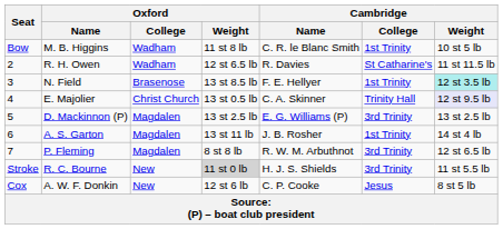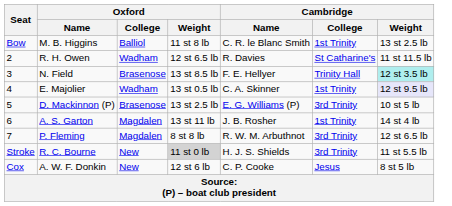 <table class="wikitable">
 <tr>
 <th rowspan="2" scope="col">Seat</th>
 <th colspan="3" scope="col">Oxford <br> </th>
 <th colspan="3" scope="col">Cambridge <br> </th>
 </tr>
 <tr>
 <th>Name</th>
 <th>College</th>
 <th>Weight</th>
 <th>Name</th>
 <th>College</th>
 <th>Weight</th>
 </tr>
 <tr>
 <td><a href='#'>Bow</a></td>
 <td>M. B. Higgins</td>
-<td><a href='#'>Wadham</a></td>
+<td><a href='#'>Balliol</a></td>
 <td>11 st 8 lb</td>
 <td>C. R. le Blanc Smith</td>
 <td><a href='#'>1st Trinity</a></td>
-<td>10 st 5 lb</td>
+<td>13 st 2.5 lb</td>
 </tr>
 <tr>
 <td>2</td>
 <td>R. H. Owen</td>
 <td><a href='#'>Wadham</a></td>
 <td>12 st 6.5 lb</td>
 <td>R. Davies</td>
 <td><a href='#'>St Catharine's</a></td>
 <td>11 st 11.5 lb</td>
 </tr>
 <tr>
 <td>3</td>
 <td>N. Field</td>
 <td><a href='#'>Brasenose</a></td>
 <td>13 st 8.5 lb</td>
 <td>F. E. Hellyer</td>
-<td><a href='#'>1st Trinity</a></td>
+<td><a href='#'>Trinity Hall</a></td>
 <td style="background: paleturquoise;">12 st 3.5 lb</td>
 </tr>
 <tr>
 <td>4</td>
 <td>E. Majolier</td>
-<td><a href='#'>Christ Church</a></td>
+<td><a href='#'>Wadham</a></td>
 <td>13 st 0.5 lb</td>
 <td>C. A. Skinner</td>
-<td><a href='#'>Trinity Hall</a></td>
+<td><a href='#'>1st Trinity</a></td>
 <td style="background: lavender;">12 st 9.5 lb</td>
 </tr>
 <tr>
 <td>5</td>
 <td><a href='#'>D. Mackinnon</a> (P)</td>
-<td><a href='#'>Magdalen</a></td>
+<td><a href='#'>Brasenose</a></td>
 <td>13 st 2.5 lb</td>
 <td><a href='#'>E. G. Williams</a> (P)</td>
 <td><a href='#'>3rd Trinity</a></td>
-<td>13 st 2.5 lb</td>
+<td>10 st 5 lb</td>
 </tr>
 <tr>
 <td>6</td>
 <td><a href='#'>A. S. Garton</a></td>
 <td><a href='#'>Magdalen</a></td>
 <td>13 st 11 lb</td>
 <td>J. B. Rosher</td>
 <td><a href='#'>1st Trinity</a></td>
 <td>14 st 4 lb</td>
 </tr>
 <tr>
 <td>7</td>
 <td><a href='#'>P. Fleming</a></td>
 <td><a href='#'>Magdalen</a></td>
 <td>8 st 8 lb</td>
 <td>R. W. M. Arbuthnot</td>
 <td><a href='#'>3rd Trinity</a></td>
 <td>12 st 6.5 lb</td>
 </tr>
 <tr>
 <td><a href='#'>Stroke</a></td>
 <td><a href='#'>R. C. Bourne</a></td>
 <td><a href='#'>New</a></td>
 <td style="background: lightgrey;">11 st 0 lb</td>
 <td>H. J. S. Shields</td>
 <td><a href='#'>3rd Trinity</a></td>
 <td>11 st 5.5 lb</td>
 </tr>
 <tr>
 <td><a href='#'>Cox</a></td>
 <td>A. W. F. Donkin</td>
 <td><a href='#'>New</a></td>
 <td>12 st 6 lb</td>
 <td>C. P. Cooke</td>
 <td><a href='#'>Jesus</a></td>
 <td>8 st 5 lb</td>
 </tr>
 <tr>
 <th colspan="7">Source:<br>(P) – boat club president</th>
 </tr>
 </table>
